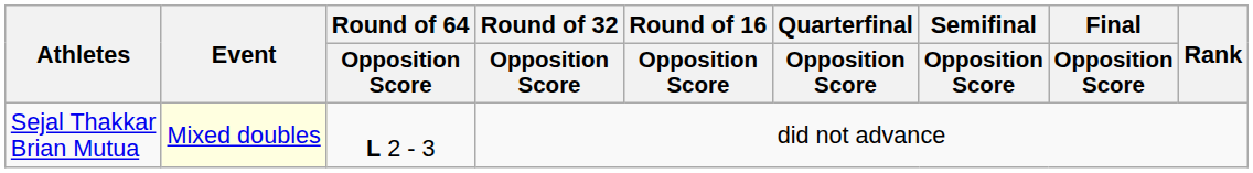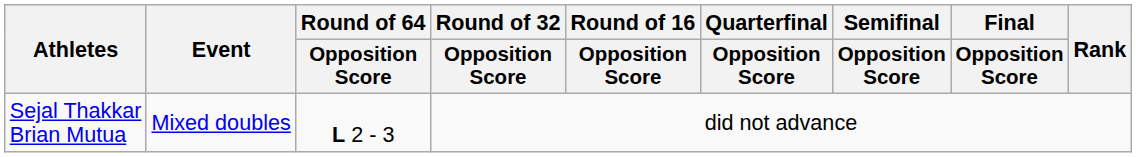 <table class="wikitable" style="font-size:90%">
 <tr>
 <th rowspan=2>Athletes</th>
 <th rowspan=2>Event</th>
 <th>Round of 64</th>
 <th>Round of 32</th>
 <th>Round of 16</th>
 <th>Quarterfinal</th>
 <th>Semifinal</th>
 <th>Final</th>
 <th rowspan=2>Rank</th>
 </tr>
 <tr style="font-size:95%">
 <th>Opposition<br>Score</th>
 <th>Opposition<br>Score</th>
 <th>Opposition<br>Score</th>
 <th>Opposition<br>Score</th>
 <th>Opposition<br>Score</th>
 <th>Opposition<br>Score</th>
 </tr>
 <tr align=center>
 <td align=left><a href='#'>Sejal Thakkar</a><br><a href='#'>Brian Mutua</a></td>
-<td align=left style="background: lightyellow;"><a href='#'>Mixed doubles</a></td>
+<td align=left><a href='#'>Mixed doubles</a></td>
 <td><br><strong>L</strong> 2 - 3</td>
 <td colspan=6>did not advance</td>
 </tr>
 </table>
